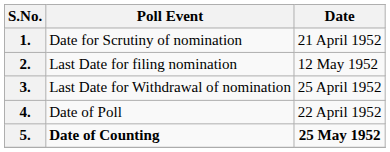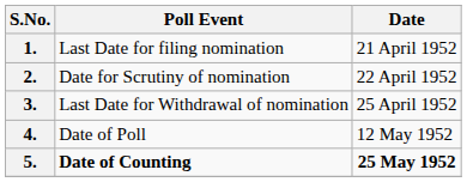 <table class="wikitable sortable">
 <tr>
 <th>S.No.</th>
 <th>Poll Event</th>
 <th>Date</th>
 </tr>
 <tr>
 <th>1.</th>
-<td>Date for Scrutiny of nomination</td>
+<td>Last Date for filing nomination</td>
 <td>21 April 1952</td>
 </tr>
 <tr>
 <th>2.</th>
-<td>Last Date for filing nomination</td>
-<td>12 May 1952</td>
+<td>Date for Scrutiny of nomination</td>
+<td>22 April 1952</td>
 </tr>
 <tr>
 <th>3.</th>
 <td>Last Date for Withdrawal of nomination</td>
 <td>25 April 1952</td>
 </tr>
 <tr>
 <th>4.</th>
 <td>Date of Poll</td>
-<td>22 April 1952</td>
+<td>12 May 1952</td>
 </tr>
 <tr>
 <th>5.</th>
 <td><strong>Date of Counting</strong></td>
 <td colspan="2" style="text-align:center"><strong>25 May 1952</strong></td>
 </tr>
 <tr>
 </tr>
 </table>
